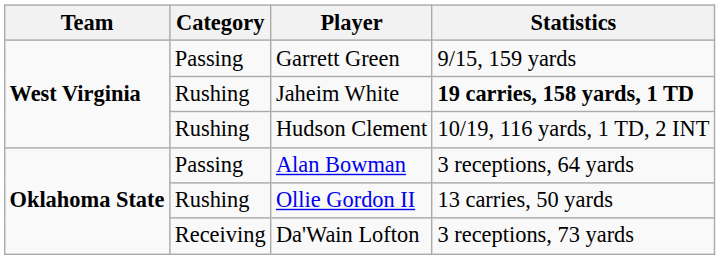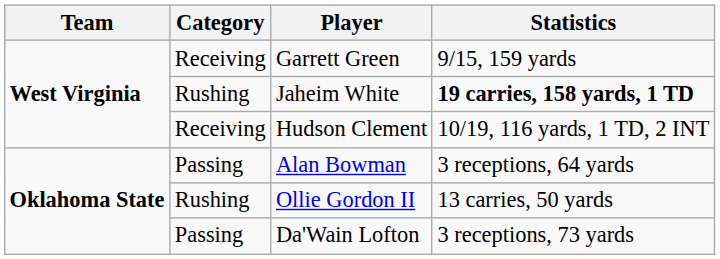 <table class="wikitable" style="float: right;">
 <tr>
 <th>Team</th>
 <th>Category</th>
 <th>Player</th>
 <th>Statistics</th>
 </tr>
 <tr>
 <td rowspan=3><strong>West Virginia</strong></td>
-<td>Passing</td>
+<td>Receiving</td>
 <td>Garrett Green</td>
 <td>9/15, 159 yards</td>
 </tr>
 <tr>
 <td>Rushing</td>
 <td>Jaheim White</td>
 <td><strong>19 carries, 158 yards, 1 TD</strong></td>
 </tr>
 <tr>
-<td>Rushing</td>
+<td>Receiving</td>
 <td>Hudson Clement</td>
 <td>10/19, 116 yards, 1 TD, 2 INT</td>
 </tr>
 <tr>
 <td rowspan=3><strong>Oklahoma State</strong></td>
 <td>Passing</td>
 <td><a href='#'>Alan Bowman</a></td>
 <td>3 receptions, 64 yards</td>
 </tr>
 <tr>
 <td>Rushing</td>
 <td><a href='#'>Ollie Gordon II</a></td>
 <td>13 carries, 50 yards</td>
 </tr>
 <tr>
-<td>Receiving</td>
+<td>Passing</td>
 <td>Da'Wain Lofton</td>
 <td>3 receptions, 73 yards</td>
 </tr>
 </table>
